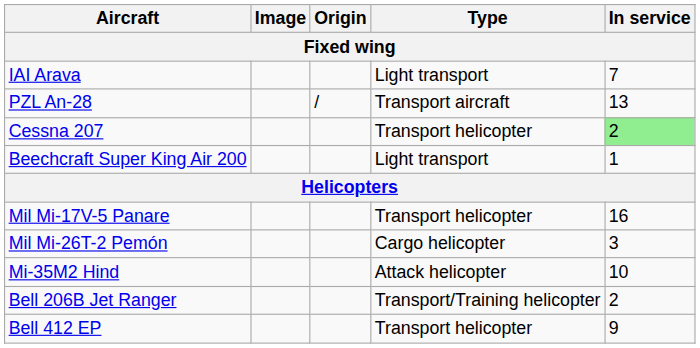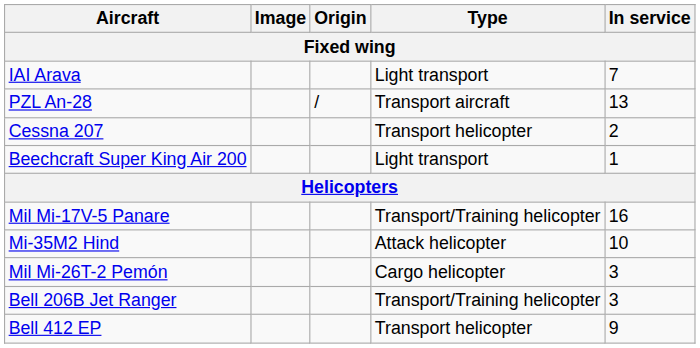 <table class="wikitable">
 <tr>
 <th>Aircraft</th>
 <th>Image</th>
 <th>Origin</th>
 <th>Type</th>
 <th>In service</th>
 </tr>
 <tr>
 <th colspan="5">Fixed wing</th>
 </tr>
 <tr>
 <td><a href='#'>IAI Arava</a></td>
 <td></td>
 <td></td>
 <td>Light transport</td>
 <td>7</td>
 </tr>
 <tr>
 <td><a href='#'>PZL An-28</a></td>
 <td></td>
 <td>/</td>
 <td>Transport aircraft</td>
 <td>13</td>
 </tr>
 <tr>
 <td><a href='#'>Cessna 207</a></td>
 <td></td>
 <td></td>
 <td>Transport helicopter</td>
-<td style="background: lightgreen;">2</td>
+<td>2</td>
 </tr>
 <tr>
 <td><a href='#'>Beechcraft Super King Air 200</a></td>
 <td></td>
 <td></td>
 <td>Light transport</td>
 <td>1</td>
 </tr>
 <tr>
 <th style="align: center;" colspan="5"><a href='#'>Helicopters</a></th>
 </tr>
 <tr>
 <td><a href='#'>Mil Mi-17V-5 Panare</a></td>
 <td></td>
 <td></td>
-<td>Transport helicopter</td>
+<td>Transport/Training helicopter</td>
 <td>16</td>
+</tr>
+<tr>
+<td><a href='#'>Mi-35M2 Hind</a></td>
+<td></td>
+<td></td>
+<td>Attack helicopter</td>
+<td>10</td>
 </tr>
 <tr>
 <td><a href='#'>Mil Mi-26T-2 Pemón</a></td>
 <td></td>
 <td></td>
 <td>Cargo helicopter</td>
 <td>3</td>
 </tr>
 <tr>
-<td><a href='#'>Mi-35M2 Hind</a></td>
-<td></td>
-<td></td>
-<td>Attack helicopter</td>
-<td>10</td>
-</tr>
-<tr>
 <td><a href='#'>Bell 206B Jet Ranger</a></td>
 <td></td>
 <td></td>
 <td>Transport/Training helicopter</td>
-<td>2</td>
+<td>3</td>
 </tr>
 <tr>
 <td><a href='#'>Bell 412 EP</a></td>
 <td></td>
 <td></td>
 <td>Transport helicopter</td>
 <td>9</td>
 </tr>
 </table>
